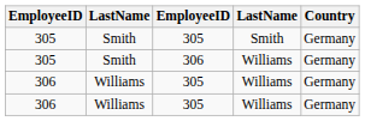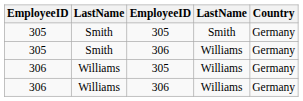 <table class="wikitable" style="text-align:center; float:left; margin-right:5px">
 <tr>
 <th>EmployeeID</th>
 <th>LastName</th>
 <th>EmployeeID</th>
 <th>LastName</th>
 <th>Country</th>
 </tr>
 <tr>
 <td>305</td>
 <td>Smith</td>
 <td>305</td>
 <td>Smith</td>
 <td>Germany</td>
 </tr>
 <tr>
 <td>305</td>
 <td>Smith</td>
 <td>306</td>
 <td>Williams</td>
 <td>Germany</td>
 </tr>
 <tr>
 <td>306</td>
 <td>Williams</td>
 <td>305</td>
 <td>Williams</td>
 <td>Germany</td>
 </tr>
 <tr>
 <td>306</td>
 <td>Williams</td>
-<td>305</td>
+<td>306</td>
 <td>Williams</td>
 <td>Germany</td>
 </tr>
 </table>
